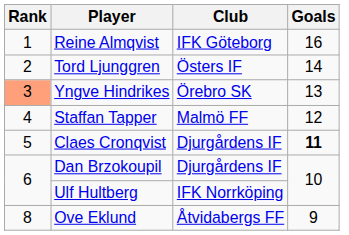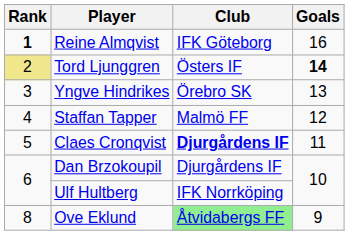 <table class="wikitable" style="text-align:center">
 <tr>
 <th>Rank</th>
 <th>Player</th>
 <th>Club</th>
 <th>Goals</th>
 </tr>
 <tr>
-<td>1</td>
+<td><strong>1</strong></td>
 <td align="left"> <a href='#'>Reine Almqvist</a></td>
 <td align="left"><a href='#'>IFK Göteborg</a></td>
 <td>16</td>
 </tr>
 <tr>
-<td>2</td>
+<td style="background: khaki;">2</td>
 <td align="left"> <a href='#'>Tord Ljunggren</a></td>
 <td align="left"><a href='#'>Östers IF</a></td>
-<td>14</td>
+<td><strong>14</strong></td>
 </tr>
 <tr>
-<td style="background: lightsalmon;">3</td>
+<td>3</td>
 <td align="left"> <a href='#'>Yngve Hindrikes</a></td>
 <td align="left"><a href='#'>Örebro SK</a></td>
 <td>13</td>
 </tr>
 <tr>
 <td>4</td>
 <td align="left"> <a href='#'>Staffan Tapper</a></td>
 <td align="left"><a href='#'>Malmö FF</a></td>
 <td>12</td>
 </tr>
 <tr>
 <td>5</td>
 <td align="left"> <a href='#'>Claes Cronqvist</a></td>
-<td align="left"><a href='#'>Djurgårdens IF</a></td>
-<td><strong>11</strong></td>
+<td align="left"><strong><a href='#'>Djurgårdens IF</a></strong></td>
+<td>11</td>
 </tr>
 <tr>
 <td rowspan="2">6</td>
 <td align="left"> <a href='#'>Dan Brzokoupil</a></td>
 <td align="left"><a href='#'>Djurgårdens IF</a></td>
 <td rowspan="2">10</td>
 </tr>
 <tr>
 <td align="left"> <a href='#'>Ulf Hultberg</a></td>
 <td align="left"><a href='#'>IFK Norrköping</a></td>
 </tr>
 <tr>
 <td>8</td>
 <td align="left"> <a href='#'>Ove Eklund</a></td>
-<td align="left"><a href='#'>Åtvidabergs FF</a></td>
+<td align="left" style="background: lightgreen;"><a href='#'>Åtvidabergs FF</a></td>
 <td>9</td>
 </tr>
 </table>
